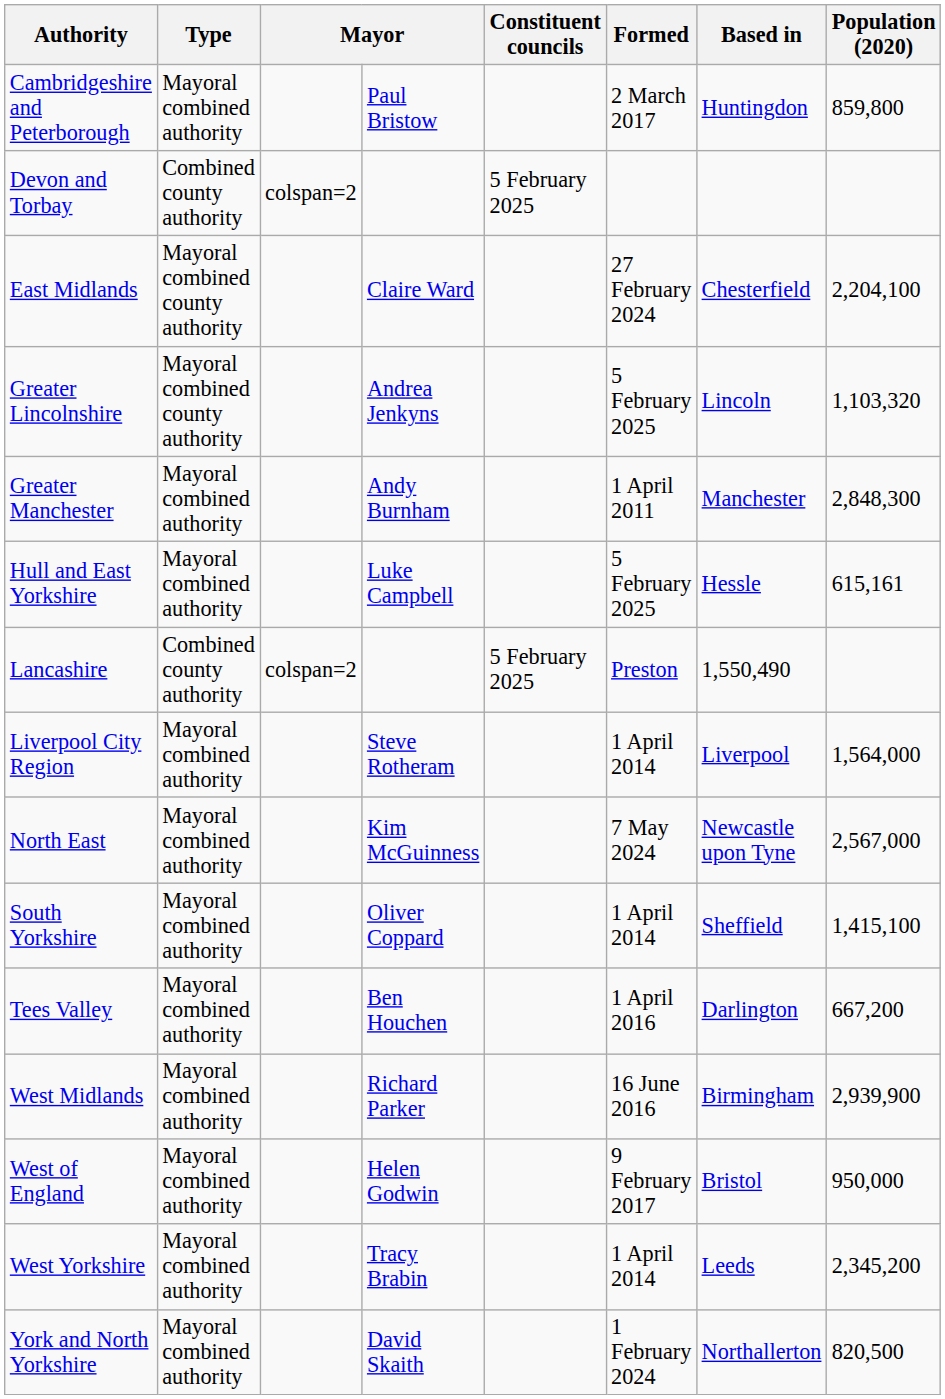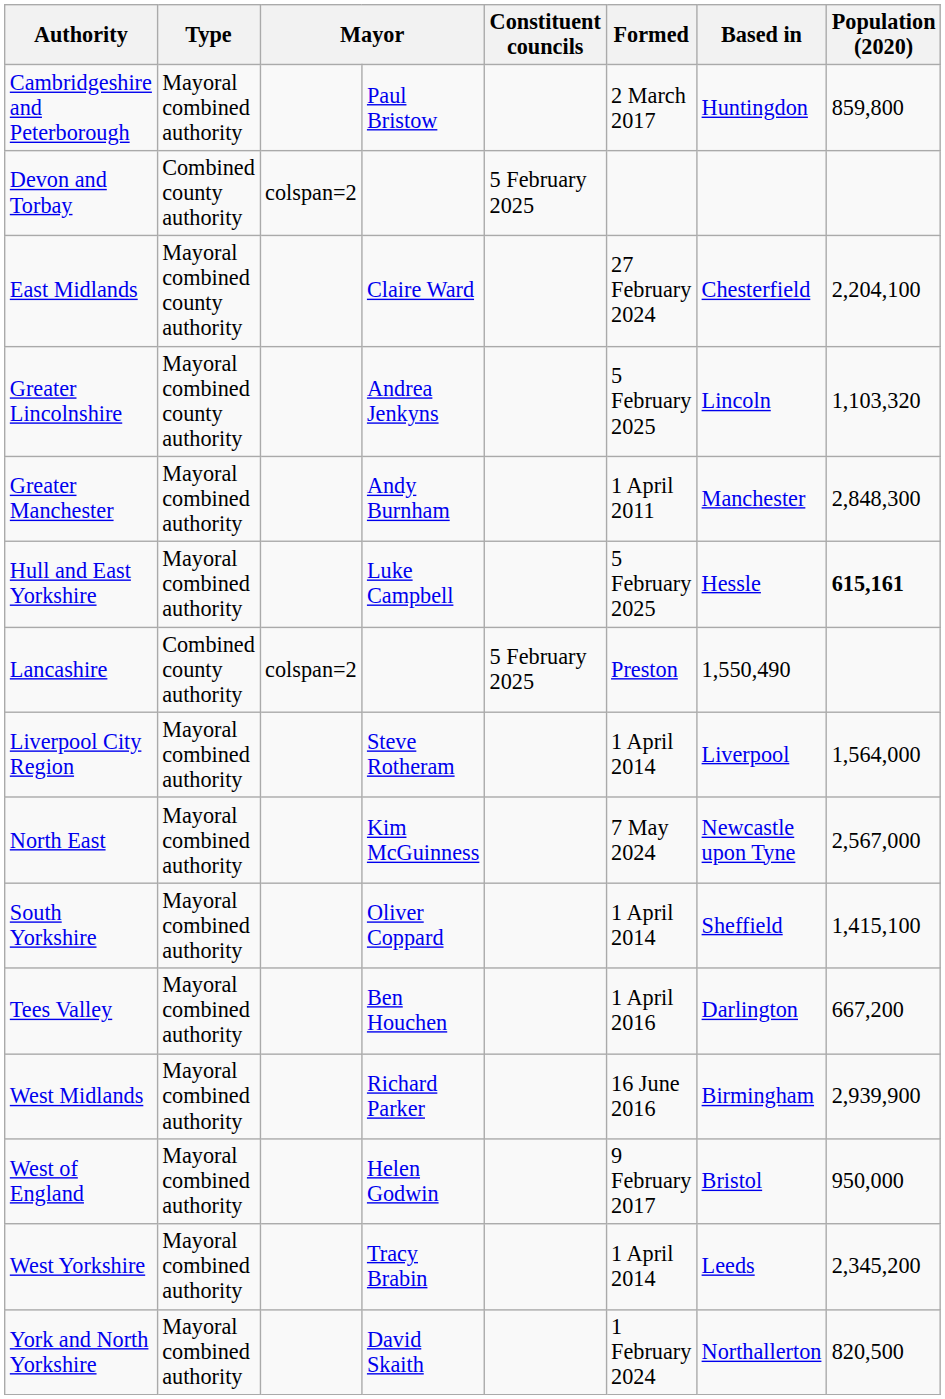 <table class="wikitable sortable">
 <tr>
 <th>Authority</th>
 <th>Type</th>
 <th colspan=2>Mayor</th>
 <th class="unsortable">Constituent councils</th>
 <th>Formed</th>
 <th>Based in</th>
 <th>Population (2020) </th>
 </tr>
 <tr>
 <td><a href='#'>Cambridgeshire and Peterborough</a></td>
 <td>Mayoral combined authority</td>
 <td width=1px style="background-color:"></td>
 <td><a href='#'>Paul Bristow</a></td>
 <td></td>
 <td>2 March 2017</td>
 <td><a href='#'>Huntingdon</a></td>
 <td>859,800</td>
 </tr>
 <tr>
 <td><a href='#'>Devon and Torbay</a></td>
 <td>Combined county authority</td>
 <td>colspan=2 </td>
 <td></td>
 <td>5 February 2025</td>
 <td></td>
 <td></td>
 </tr>
 <tr>
 <td><a href='#'>East Midlands</a></td>
 <td>Mayoral combined county authority</td>
 <td width=1px style="background-color:"></td>
 <td><a href='#'>Claire Ward</a></td>
 <td></td>
 <td>27 February 2024</td>
 <td><a href='#'>Chesterfield</a></td>
 <td>2,204,100</td>
 </tr>
 <tr>
 <td><a href='#'>Greater Lincolnshire</a></td>
 <td>Mayoral combined county authority</td>
 <td width=1px style="background-color:"></td>
 <td><a href='#'>Andrea Jenkyns</a></td>
 <td></td>
 <td>5 February 2025</td>
 <td><a href='#'>Lincoln</a></td>
 <td>1,103,320</td>
 </tr>
 <tr>
 <td><a href='#'>Greater Manchester</a></td>
 <td>Mayoral combined authority</td>
 <td width=1px style="background-color:"></td>
 <td><a href='#'>Andy Burnham</a></td>
 <td></td>
 <td>1 April 2011</td>
 <td><a href='#'>Manchester</a></td>
 <td>2,848,300</td>
 </tr>
 <tr>
 <td><a href='#'>Hull and East Yorkshire</a></td>
 <td>Mayoral combined authority</td>
 <td width=1px style="background-color:"></td>
 <td><a href='#'>Luke Campbell</a></td>
 <td></td>
 <td>5 February 2025</td>
 <td><a href='#'>Hessle</a></td>
-<td>615,161</td>
+<td><strong>615,161</strong></td>
 </tr>
 <tr>
 <td><a href='#'>Lancashire</a></td>
 <td>Combined county authority</td>
 <td>colspan=2 </td>
 <td></td>
 <td>5 February 2025</td>
 <td><a href='#'>Preston</a></td>
 <td>1,550,490</td>
 </tr>
 <tr>
 <td><a href='#'>Liverpool City Region</a></td>
 <td>Mayoral combined authority</td>
 <td width=1px style="background-color:"></td>
 <td><a href='#'>Steve Rotheram</a></td>
 <td></td>
 <td>1 April 2014</td>
 <td><a href='#'>Liverpool</a></td>
 <td>1,564,000</td>
 </tr>
 <tr>
 <td><a href='#'>North East</a></td>
 <td>Mayoral combined authority</td>
 <td width=1px style="background-color:"></td>
 <td><a href='#'>Kim McGuinness</a></td>
 <td></td>
 <td>7 May 2024</td>
 <td><a href='#'>Newcastle upon Tyne</a></td>
 <td>2,567,000</td>
 </tr>
 <tr>
 <td><a href='#'>South Yorkshire</a></td>
 <td>Mayoral combined authority</td>
 <td width=1px style="background-color:"></td>
 <td><a href='#'>Oliver Coppard</a></td>
 <td></td>
 <td>1 April 2014</td>
 <td><a href='#'>Sheffield</a></td>
 <td>1,415,100</td>
 </tr>
 <tr>
 <td><a href='#'>Tees Valley</a></td>
 <td>Mayoral combined authority</td>
 <td width=1px style="background-color:"></td>
 <td><a href='#'>Ben Houchen</a></td>
 <td></td>
 <td>1 April 2016</td>
 <td><a href='#'>Darlington</a></td>
 <td>667,200</td>
 </tr>
 <tr>
 <td><a href='#'>West Midlands</a></td>
 <td>Mayoral combined authority</td>
 <td width=1px style="background-color:"></td>
 <td><a href='#'>Richard Parker</a></td>
 <td></td>
 <td>16 June 2016</td>
 <td><a href='#'>Birmingham</a></td>
 <td>2,939,900</td>
 </tr>
 <tr>
 <td><a href='#'>West of England</a></td>
 <td>Mayoral combined authority</td>
 <td width=1px style="background-color:"></td>
 <td><a href='#'>Helen Godwin</a></td>
 <td></td>
 <td>9 February 2017</td>
 <td><a href='#'>Bristol</a></td>
 <td>950,000</td>
 </tr>
 <tr>
 <td><a href='#'>West Yorkshire</a></td>
 <td>Mayoral combined authority</td>
 <td width=1px style="background-color:"></td>
 <td><a href='#'>Tracy Brabin</a></td>
 <td></td>
 <td>1 April 2014</td>
 <td><a href='#'>Leeds</a></td>
 <td>2,345,200</td>
 </tr>
 <tr>
 <td><a href='#'>York and North Yorkshire</a></td>
 <td>Mayoral combined authority</td>
 <td width=1px style="background-color:"></td>
 <td><a href='#'>David Skaith</a></td>
 <td></td>
 <td>1 February 2024</td>
 <td><a href='#'>Northallerton</a></td>
 <td>820,500</td>
 </tr>
 </table>
